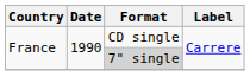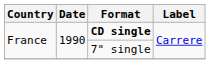 <table class=wikitable>
 <tr>
 <th>Country</th>
 <th>Date</th>
 <th>Format</th>
 <th>Label</th>
 </tr>
 <tr>
 <td rowspan="2">France</td>
 <td rowspan="2">1990</td>
-<td>CD single</td>
+<td><strong>CD single</strong></td>
 <td rowspan="2"><a href='#'>Carrere</a></td>
 </tr>
 <tr>
-<td style="background: lightgrey;">7" single</td>
+<td>7" single</td>
 </tr>
 <tr>
 </tr>
 </table>
